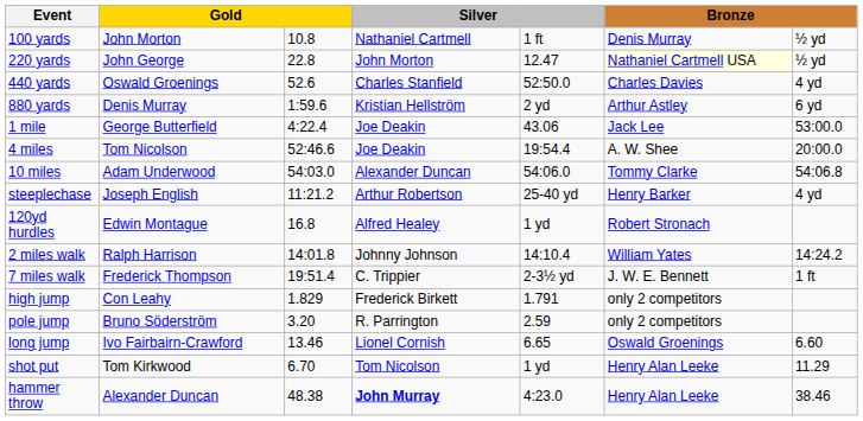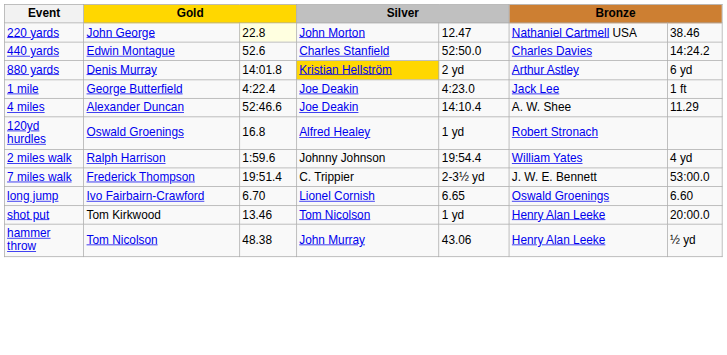 <table class="wikitable" style="text-align:left">
 <tr>
 <th width=100>Event</th>
 <th colspan="2" width="280" style="background:gold;">Gold</th>
 <th colspan="2" width="280" style="background:silver;">Silver</th>
 <th colspan="2" width="280" style="background:#CD7F32;">Bronze</th>
 </tr>
 <tr>
-<td><a href='#'>100 yards</a></td>
-<td><a href='#'>John Morton</a></td>
-<td>10.8</td>
-<td> <a href='#'>Nathaniel Cartmell</a></td>
-<td>1 ft</td>
-<td> <a href='#'>Denis Murray</a></td>
-<td>½ yd</td>
-</tr>
-<tr>
 <td><a href='#'>220 yards</a></td>
 <td><a href='#'>John George</a></td>
-<td>22.8</td>
+<td style="background: lightyellow;">22.8</td>
 <td><a href='#'>John Morton</a></td>
 <td>12.47</td>
-<td style="background: lightyellow;"> <a href='#'>Nathaniel Cartmell</a> USA</td>
-<td>½ yd</td>
+<td> <a href='#'>Nathaniel Cartmell</a> USA</td>
+<td>38.46</td>
 </tr>
 <tr>
 <td><a href='#'>440 yards</a></td>
-<td><a href='#'>Oswald Groenings</a></td>
+<td><a href='#'>Edwin Montague</a></td>
 <td>52.6</td>
 <td><a href='#'>Charles Stanfield</a></td>
 <td>52:50.0</td>
 <td><a href='#'>Charles Davies</a></td>
-<td>4 yd</td>
+<td>14:24.2</td>
 </tr>
 <tr>
 <td><a href='#'>880 yards</a></td>
 <td> <a href='#'>Denis Murray</a></td>
-<td>1:59.6</td>
-<td> <a href='#'>Kristian Hellström</a></td>
+<td>14:01.8</td>
+<td style="background: gold;"> <a href='#'>Kristian Hellström</a></td>
 <td>2 yd</td>
 <td><a href='#'>Arthur Astley</a></td>
 <td>6 yd</td>
 </tr>
 <tr>
 <td><a href='#'>1 mile</a></td>
 <td><a href='#'>George Butterfield</a></td>
 <td>4:22.4</td>
 <td><a href='#'>Joe Deakin</a></td>
-<td>43.06</td>
+<td>4:23.0</td>
 <td><a href='#'>Jack Lee</a></td>
-<td>53:00.0</td>
+<td>1 ft</td>
 </tr>
 <tr>
 <td><a href='#'>4 miles</a></td>
-<td> <a href='#'>Tom Nicolson</a></td>
+<td> <a href='#'>Alexander Duncan</a></td>
 <td>52:46.6</td>
 <td><a href='#'>Joe Deakin</a></td>
-<td>19:54.4</td>
+<td>14:10.4</td>
 <td>A. W. Shee</td>
-<td>20:00.0</td>
-</tr>
-<tr>
-<td><a href='#'>10 miles</a></td>
-<td><a href='#'>Adam Underwood</a></td>
-<td>54:03.0</td>
-<td> <a href='#'>Alexander Duncan</a></td>
-<td>54:06.0</td>
-<td><a href='#'>Tommy Clarke</a></td>
-<td>54:06.8</td>
-</tr>
-<tr>
-<td><a href='#'>steeplechase</a></td>
-<td><a href='#'>Joseph English</a></td>
-<td>11:21.2</td>
-<td> <a href='#'>Arthur Robertson</a></td>
-<td>25-40 yd</td>
-<td><a href='#'>Henry Barker</a></td>
-<td>4 yd</td>
+<td>11.29</td>
 </tr>
 <tr>
 <td><a href='#'>120yd hurdles</a></td>
-<td><a href='#'>Edwin Montague</a></td>
+<td><a href='#'>Oswald Groenings</a></td>
 <td>16.8</td>
 <td><a href='#'>Alfred Healey</a></td>
 <td>1 yd</td>
 <td> <a href='#'>Robert Stronach</a></td>
 <td></td>
 </tr>
 <tr>
 <td><a href='#'>2 miles walk</a></td>
 <td><a href='#'>Ralph Harrison</a></td>
-<td>14:01.8</td>
+<td>1:59.6</td>
 <td>Johnny Johnson</td>
-<td>14:10.4</td>
+<td>19:54.4</td>
 <td><a href='#'>William Yates</a></td>
-<td>14:24.2</td>
+<td>4 yd</td>
 </tr>
 <tr>
 <td><a href='#'>7 miles walk</a></td>
 <td><a href='#'>Frederick Thompson</a></td>
 <td>19:51.4</td>
 <td>C. Trippier</td>
 <td>2-3½ yd</td>
 <td>J. W. E. Bennett</td>
-<td>1 ft</td>
-</tr>
-<tr>
-<td><a href='#'>high jump</a></td>
-<td> <a href='#'>Con Leahy</a></td>
-<td>1.829</td>
-<td>Frederick Birkett</td>
-<td>1.791</td>
-<td>only 2 competitors</td>
-<td></td>
-</tr>
-<tr>
-<td><a href='#'>pole jump</a></td>
-<td> <a href='#'>Bruno Söderström</a></td>
-<td>3.20</td>
-<td>R. Parrington</td>
-<td>2.59</td>
-<td>only 2 competitors</td>
-<td></td>
+<td>53:00.0</td>
 </tr>
 <tr>
 <td><a href='#'>long jump</a></td>
 <td><a href='#'>Ivo Fairbairn-Crawford</a></td>
-<td>13.46</td>
+<td>6.70</td>
 <td><a href='#'>Lionel Cornish</a></td>
 <td>6.65</td>
 <td><a href='#'>Oswald Groenings</a></td>
 <td>6.60</td>
 </tr>
 <tr>
 <td><a href='#'>shot put</a></td>
 <td> Tom Kirkwood</td>
-<td>6.70</td>
+<td>13.46</td>
 <td> <a href='#'>Tom Nicolson</a></td>
 <td>1 yd</td>
 <td><a href='#'>Henry Alan Leeke</a></td>
-<td>11.29</td>
+<td>20:00.0</td>
 </tr>
 <tr>
 <td><a href='#'>hammer throw</a></td>
-<td> <a href='#'>Alexander Duncan</a></td>
+<td> <a href='#'>Tom Nicolson</a></td>
 <td>48.38</td>
-<td><strong> <a href='#'>John Murray</a></strong></td>
-<td>4:23.0</td>
+<td> <a href='#'>John Murray</a></td>
+<td>43.06</td>
 <td><a href='#'>Henry Alan Leeke</a></td>
-<td>38.46</td>
+<td>½ yd</td>
 </tr>
 </table>
